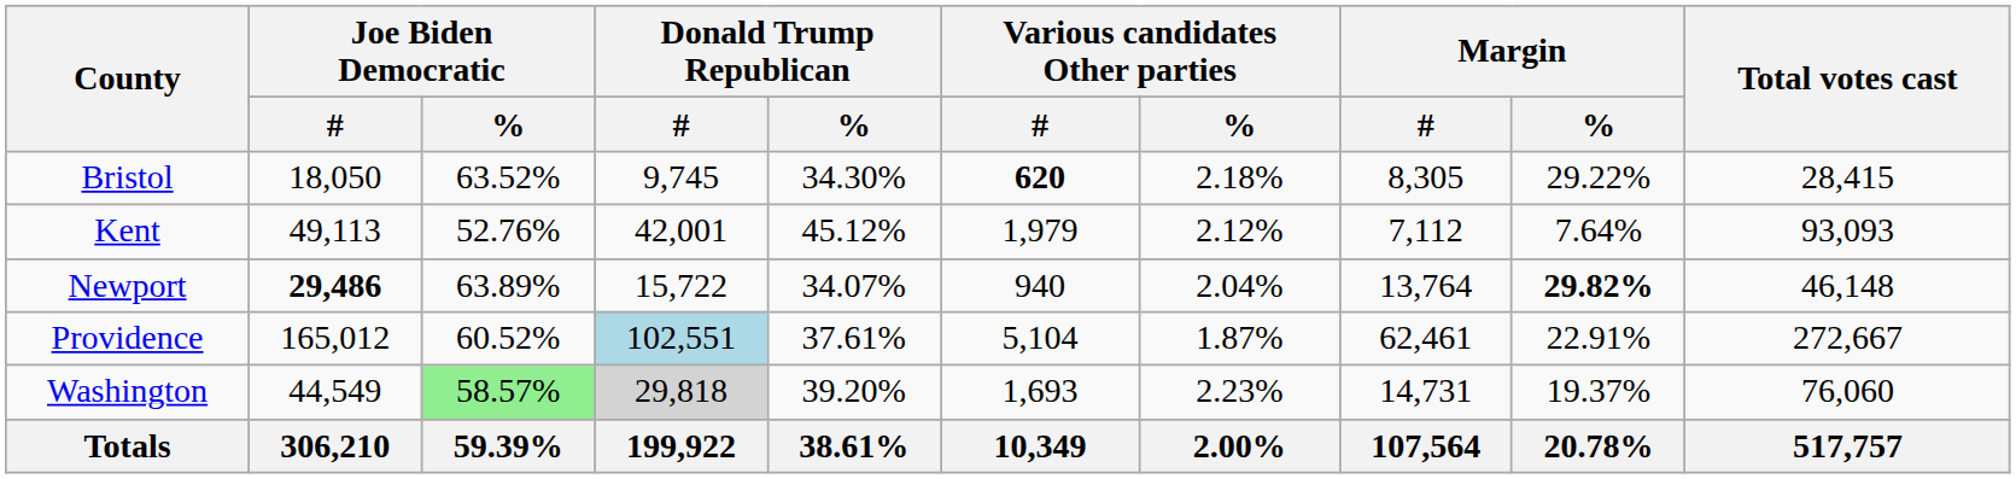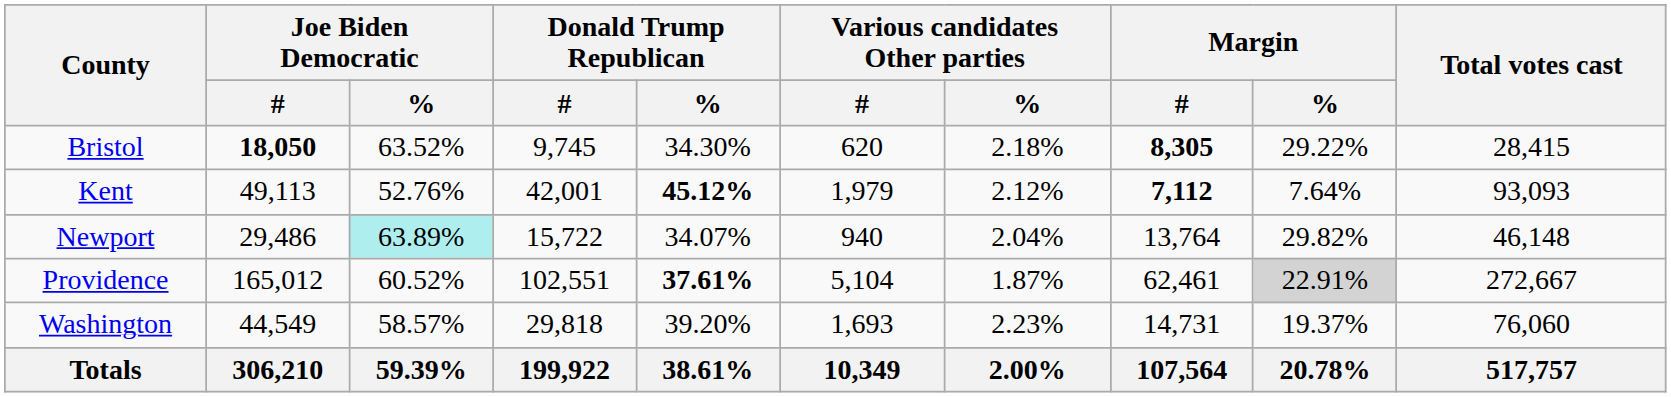 <table width="60%"  class="wikitable sortable" style="text-align:center">
 <tr>
 <th style="text-align:center;" rowspan="2">County</th>
 <th style="text-align:center;" colspan="2">Joe Biden<br>Democratic</th>
 <th style="text-align:center;" colspan="2">Donald Trump<br>Republican</th>
 <th style="text-align:center;" colspan="2">Various candidates<br>Other parties</th>
 <th style="text-align:center;" colspan="2">Margin</th>
 <th style="text-align:center;" rowspan="2">Total votes cast</th>
 </tr>
 <tr>
 <th style="text-align:center;" data-sort-type="number">#</th>
 <th style="text-align:center;" data-sort-type="number">%</th>
 <th style="text-align:center;" data-sort-type="number">#</th>
 <th style="text-align:center;" data-sort-type="number">%</th>
 <th style="text-align:center;" data-sort-type="number">#</th>
 <th style="text-align:center;" data-sort-type="number">%</th>
 <th style="text-align:center;" data-sort-type="number">#</th>
 <th style="text-align:center;" data-sort-type="number">%</th>
 </tr>
 <tr style="text-align:center;">
 <td><a href='#'>Bristol</a></td>
-<td>18,050</td>
+<td><strong>18,050</strong></td>
 <td>63.52%</td>
 <td>9,745</td>
 <td>34.30%</td>
-<td><strong>620</strong></td>
+<td>620</td>
 <td>2.18%</td>
-<td>8,305</td>
+<td><strong>8,305</strong></td>
 <td>29.22%</td>
 <td>28,415</td>
 </tr>
 <tr style="text-align:center;">
 <td><a href='#'>Kent</a></td>
 <td>49,113</td>
 <td>52.76%</td>
 <td>42,001</td>
-<td>45.12%</td>
+<td><strong>45.12%</strong></td>
 <td>1,979</td>
 <td>2.12%</td>
-<td>7,112</td>
+<td><strong>7,112</strong></td>
 <td>7.64%</td>
 <td>93,093</td>
 </tr>
 <tr style="text-align:center;">
 <td><a href='#'>Newport</a></td>
-<td><strong>29,486</strong></td>
-<td>63.89%</td>
+<td>29,486</td>
+<td style="background: paleturquoise;">63.89%</td>
 <td>15,722</td>
 <td>34.07%</td>
 <td>940</td>
 <td>2.04%</td>
 <td>13,764</td>
-<td><strong>29.82%</strong></td>
+<td>29.82%</td>
 <td>46,148</td>
 </tr>
 <tr style="text-align:center;">
 <td><a href='#'>Providence</a></td>
 <td>165,012</td>
 <td>60.52%</td>
-<td style="background: lightblue;">102,551</td>
-<td>37.61%</td>
+<td>102,551</td>
+<td><strong>37.61%</strong></td>
 <td>5,104</td>
 <td>1.87%</td>
 <td>62,461</td>
-<td>22.91%</td>
+<td style="background: lightgrey;">22.91%</td>
 <td>272,667</td>
 </tr>
 <tr style="text-align:center;">
 <td><a href='#'>Washington</a></td>
 <td>44,549</td>
-<td style="background: lightgreen;">58.57%</td>
-<td style="background: lightgrey;">29,818</td>
+<td>58.57%</td>
+<td>29,818</td>
 <td>39.20%</td>
 <td>1,693</td>
 <td>2.23%</td>
 <td>14,731</td>
 <td>19.37%</td>
 <td>76,060</td>
 </tr>
 <tr>
 <th>Totals</th>
 <th>306,210</th>
 <th>59.39%</th>
 <th>199,922</th>
 <th>38.61%</th>
 <th>10,349</th>
 <th>2.00%</th>
 <th>107,564</th>
 <th>20.78%</th>
 <th>517,757</th>
 </tr>
 </table>
